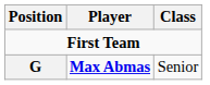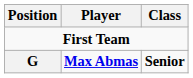 <table class="wikitable">
 <tr>
 <th>Position</th>
 <th>Player</th>
 <th>Class</th>
 </tr>
 <tr>
 <td colspan="4" style="text-align:center; "><strong>First Team</strong></td>
 </tr>
 <tr style="text-align:center;">
 <th rowspan="1">G</th>
 <td><strong><a href='#'>Max Abmas</a></strong></td>
-<td>Senior</td>
+<td><strong>Senior</strong></td>
 </tr>
 </table>
